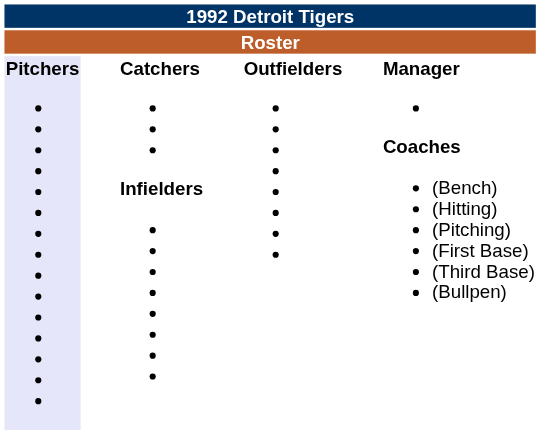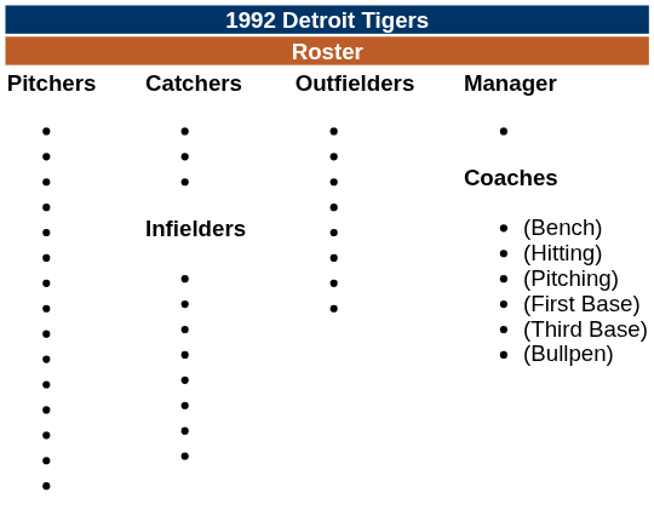 <table class="toccolours" style="font-size: 95%;">
 <tr>
 <th colspan="10" style="background-color: #003366; color: white; text-align: center;">1992 Detroit Tigers</th>
 </tr>
 <tr>
 <td colspan="10" style="background-color: #bd5d29; color: white; text-align: center;"><strong>Roster</strong></td>
 </tr>
 <tr>
-<td valign="top" style="background: lavender;"><strong>Pitchers</strong><br><ul><li></li><li></li><li></li><li></li><li></li><li></li><li></li><li></li><li></li><li></li><li></li><li></li><li></li><li></li><li></li></ul></td>
+<td valign="top"><strong>Pitchers</strong><br><ul><li></li><li></li><li></li><li></li><li></li><li></li><li></li><li></li><li></li><li></li><li></li><li></li><li></li><li></li><li></li></ul></td>
 <td width="25px"></td>
 <td valign="top"><strong>Catchers</strong><br><ul><li></li><li></li><li></li></ul><strong>Infielders</strong><ul><li></li><li></li><li></li><li></li><li></li><li></li><li></li><li></li></ul></td>
 <td width="25px"></td>
 <td valign="top"><strong>Outfielders</strong><br><ul><li></li><li></li><li></li><li></li><li></li><li></li><li></li><li></li></ul></td>
 <td width="25px"></td>
 <td valign="top"><strong>Manager</strong><br><ul><li></li></ul><strong>Coaches</strong><ul><li> (Bench)</li><li> (Hitting)</li><li> (Pitching)</li><li> (First Base)</li><li> (Third Base)</li><li> (Bullpen)</li></ul></td>
 </tr>
 <tr>
 </tr>
 </table>
